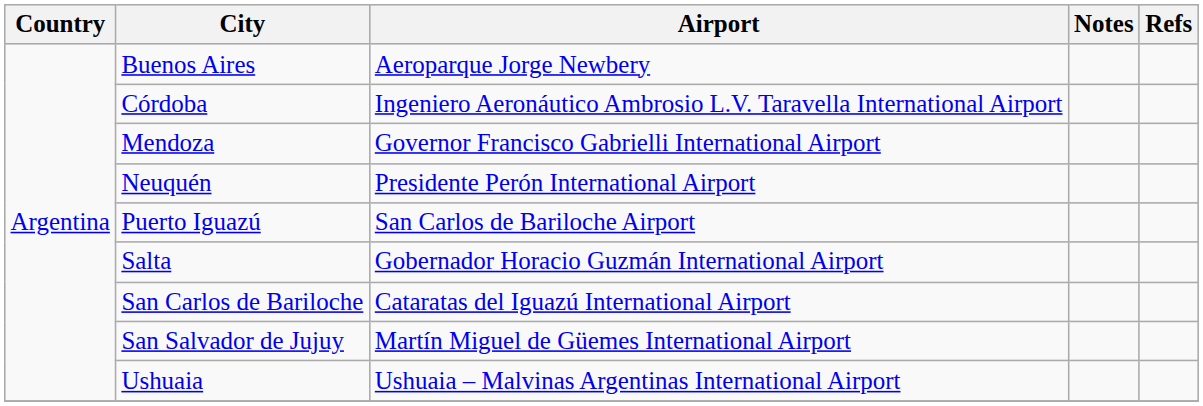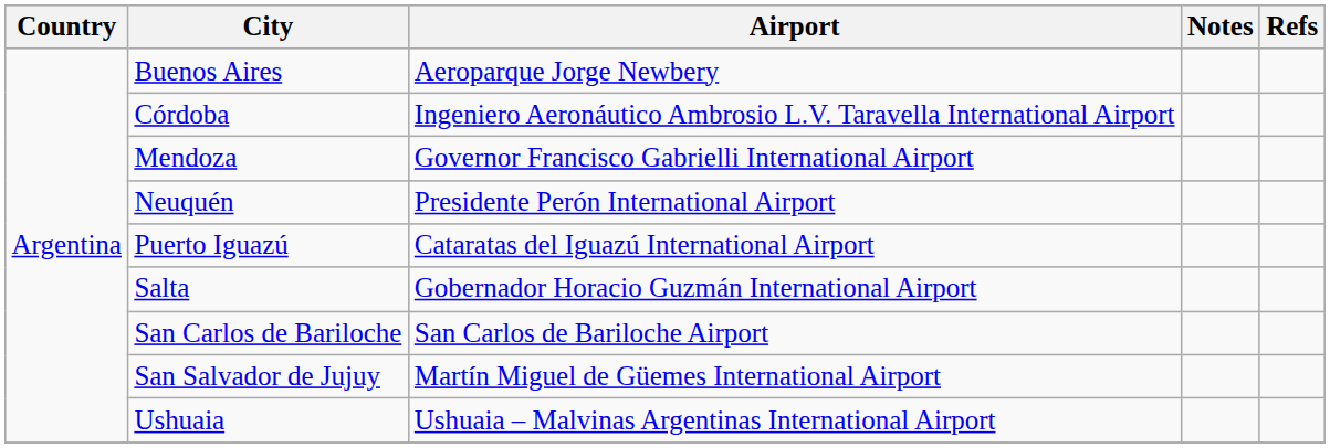 <table class="wikitable sortable">
 <tr>
 <th>Country</th>
 <th>City</th>
 <th>Airport</th>
 <th>Notes</th>
 <th class="unsortable">Refs</th>
 </tr>
 <tr>
 <td rowspan="9"><a href='#'>Argentina</a></td>
 <td><a href='#'>Buenos Aires</a></td>
 <td><a href='#'>Aeroparque Jorge Newbery</a></td>
 <td></td>
 <td align="center"></td>
 </tr>
 <tr>
 <td><a href='#'>Córdoba</a></td>
 <td><a href='#'>Ingeniero Aeronáutico Ambrosio L.V. Taravella International Airport</a></td>
 <td></td>
 <td align="center"></td>
 </tr>
 <tr>
 <td><a href='#'>Mendoza</a></td>
 <td><a href='#'>Governor Francisco Gabrielli International Airport</a></td>
 <td></td>
 <td align="center"></td>
 </tr>
 <tr>
 <td><a href='#'>Neuquén</a></td>
 <td><a href='#'>Presidente Perón International Airport</a></td>
 <td></td>
 <td align="center"></td>
 </tr>
 <tr>
 <td><a href='#'>Puerto Iguazú</a></td>
-<td><a href='#'>San Carlos de Bariloche Airport</a></td>
+<td><a href='#'>Cataratas del Iguazú International Airport</a></td>
 <td></td>
 <td align="center"></td>
 </tr>
 <tr>
 <td><a href='#'>Salta</a></td>
 <td><a href='#'>Gobernador Horacio Guzmán International Airport</a></td>
 <td></td>
 <td align="center"></td>
 </tr>
 <tr>
 <td><a href='#'>San Carlos de Bariloche</a></td>
-<td><a href='#'>Cataratas del Iguazú International Airport</a></td>
+<td><a href='#'>San Carlos de Bariloche Airport</a></td>
 <td></td>
 <td align="center"></td>
 </tr>
 <tr>
 <td><a href='#'>San Salvador de Jujuy</a></td>
 <td><a href='#'>Martín Miguel de Güemes International Airport</a></td>
 <td></td>
 <td align="center"></td>
 </tr>
 <tr>
 <td><a href='#'>Ushuaia</a></td>
 <td><a href='#'>Ushuaia – Malvinas Argentinas International Airport</a></td>
 <td></td>
 <td align="center"></td>
 </tr>
 <tr>
 </tr>
 </table>
